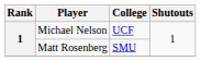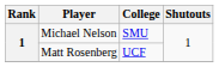 <table class="wikitable" style="text-align:center">
 <tr>
 <th>Rank</th>
 <th>Player</th>
 <th>College</th>
 <th>Shutouts</th>
 </tr>
 <tr>
 <th rowspan="2">1</th>
 <td align=left> Michael Nelson</td>
-<td align=left><a href='#'>UCF</a></td>
+<td align=left><a href='#'>SMU</a></td>
 <td rowspan="2">1</td>
 </tr>
 <tr>
 <td align=left> Matt Rosenberg</td>
-<td align=left><a href='#'>SMU</a></td>
+<td align=left><a href='#'>UCF</a></td>
 </tr>
 <tr>
 </tr>
 </table>
